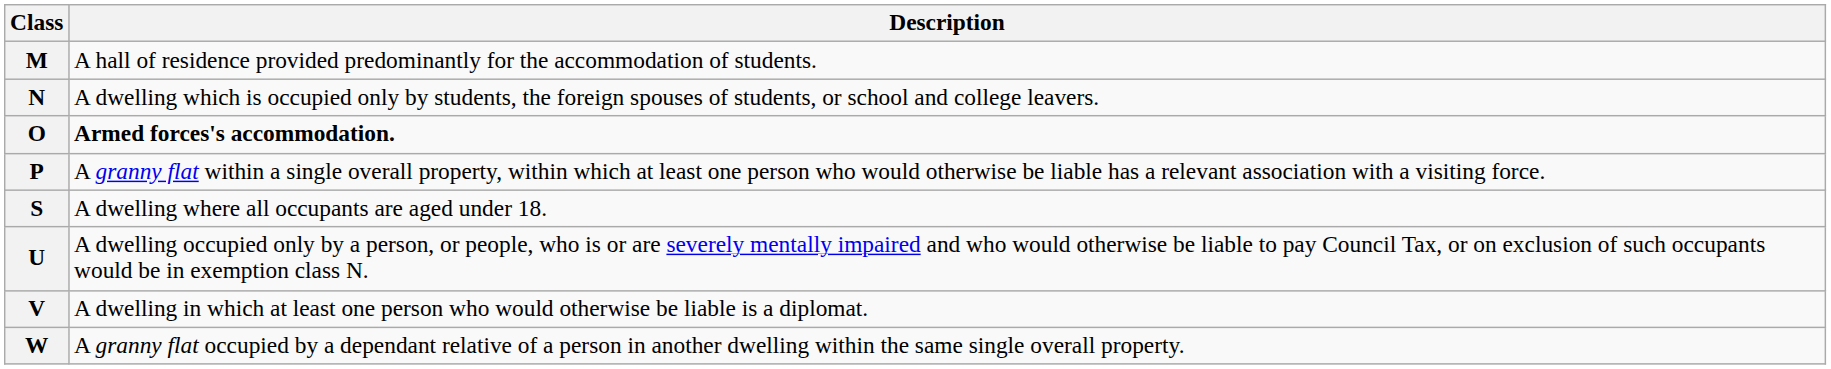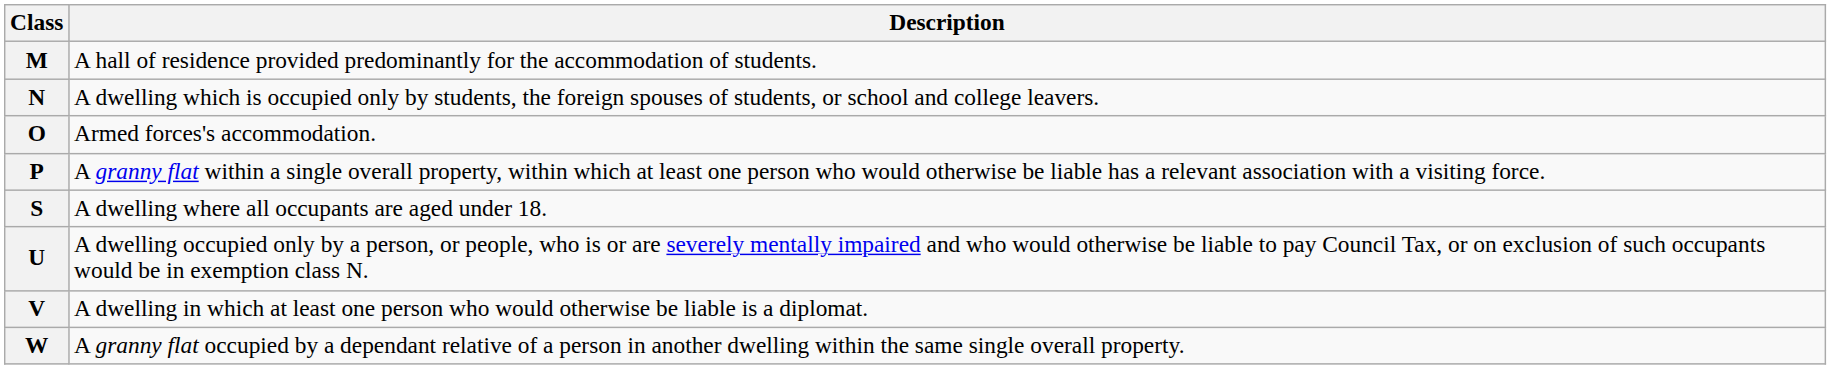 <table class="wikitable">
 <tr>
 <th>Class</th>
 <th>Description</th>
 </tr>
 <tr>
 <th>M</th>
 <td>A hall of residence provided predominantly for the accommodation of students.</td>
 </tr>
 <tr>
 <th>N</th>
 <td>A dwelling which is occupied only by students, the foreign spouses of students, or school and college leavers.</td>
 </tr>
 <tr>
 <th>O</th>
-<td><strong>Armed forces's accommodation.</strong></td>
+<td>Armed forces's accommodation.</td>
 </tr>
 <tr>
 <th>P</th>
 <td>A <em><a href='#'>granny flat</a></em> within a single overall property, within which at least one person who would otherwise be liable has a relevant association with a visiting force.</td>
 </tr>
 <tr>
 <th>S</th>
 <td>A dwelling where all occupants are aged under 18.</td>
 </tr>
 <tr>
 <th>U</th>
 <td>A dwelling occupied only by a person, or people, who is or are <a href='#'>severely mentally impaired</a> and who would otherwise be liable to pay Council Tax, or on exclusion of such occupants would be in exemption class N.</td>
 </tr>
 <tr>
 <th>V</th>
 <td>A dwelling in which at least one person who would otherwise be liable is a diplomat.</td>
 </tr>
 <tr>
 <th>W</th>
 <td>A <em>granny flat</em> occupied by a dependant relative of a person in another dwelling within the same single overall property.</td>
 </tr>
 </table>
